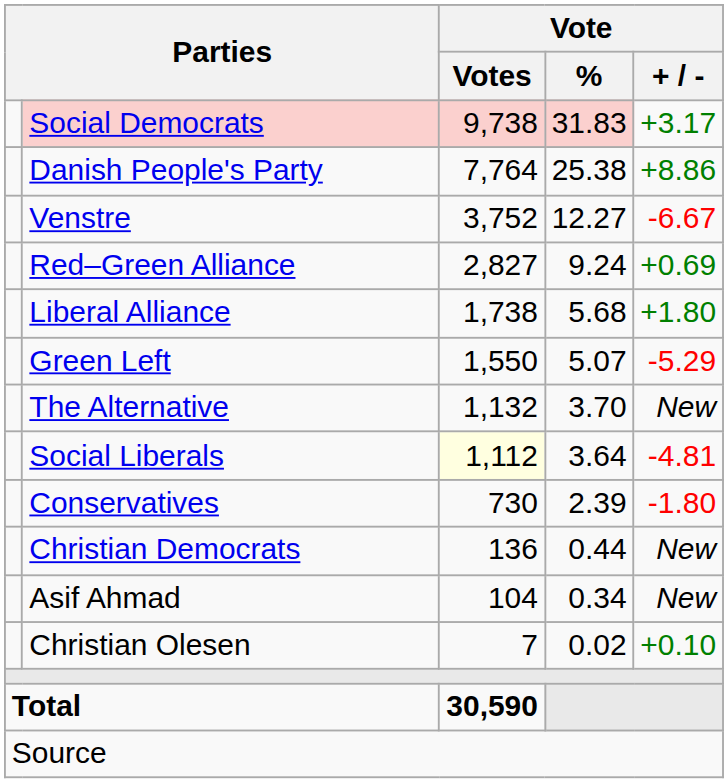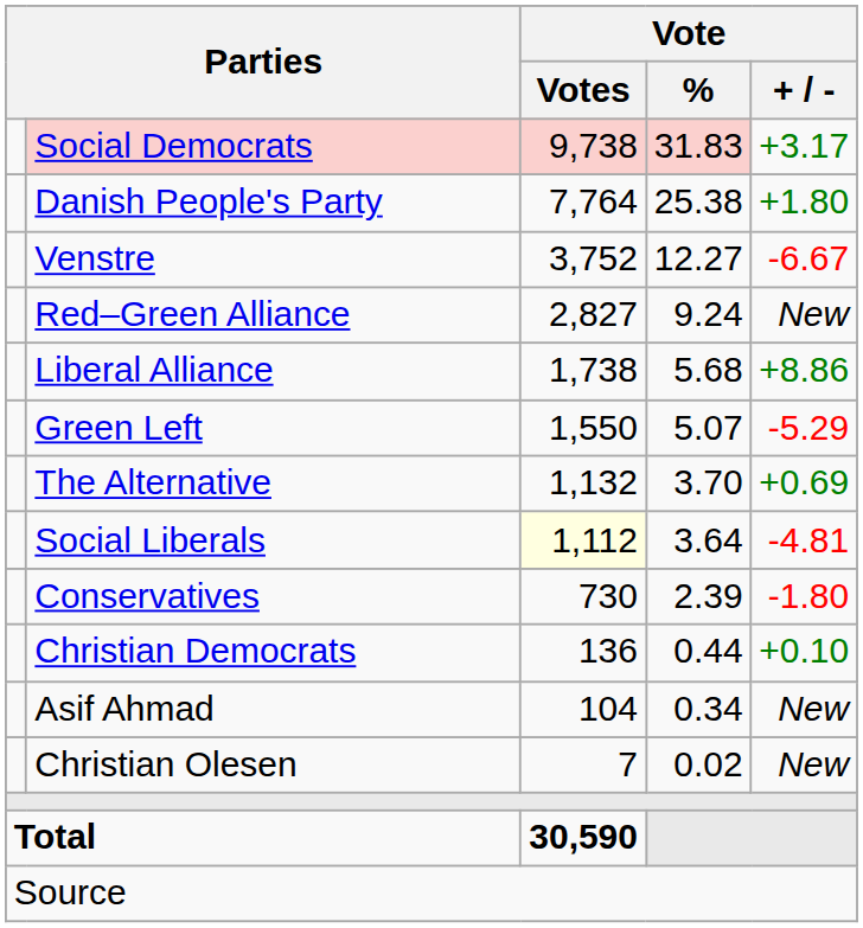 <table class="wikitable" style="text-align:right;">
 <tr>
 <th style="text-align:centre;" rowspan="2" colspan="2" width="225">Parties</th>
 <th colspan="3">Vote</th>
 </tr>
 <tr>
 <th width="15">Votes</th>
 <th width="15">%</th>
 <th width="15">+ / -</th>
 </tr>
 <tr>
 <td width="2" style="color:inherit;background:"></td>
 <td bgcolor=#fbd0ce  align="left"><a href='#'>Social Democrats</a></td>
 <td bgcolor=#fbd0ce>9,738</td>
 <td bgcolor=#fbd0ce>31.83</td>
 <td style=color:green;>+3.17</td>
 </tr>
 <tr>
 <td width="2" style="color:inherit;background:"></td>
 <td align="left"><a href='#'>Danish People's Party</a></td>
 <td>7,764</td>
 <td>25.38</td>
-<td style=color:green;>+8.86</td>
+<td style=color:green;>+1.80</td>
 </tr>
 <tr>
 <td width="2" style="color:inherit;background:"></td>
 <td align="left"><a href='#'>Venstre</a></td>
 <td>3,752</td>
 <td>12.27</td>
 <td style=color:red;>-6.67</td>
 </tr>
 <tr>
 <td width="2" style="color:inherit;background:"></td>
 <td align="left"><a href='#'>Red–Green Alliance</a></td>
 <td>2,827</td>
 <td>9.24</td>
-<td style=color:green;>+0.69</td>
+<td><em>New</em></td>
 </tr>
 <tr>
 <td width="2" style="color:inherit;background:"></td>
 <td align="left"><a href='#'>Liberal Alliance</a></td>
 <td>1,738</td>
 <td>5.68</td>
-<td style=color:green;>+1.80</td>
+<td style=color:green;>+8.86</td>
 </tr>
 <tr>
 <td width="2" style="color:inherit;background:"></td>
 <td align="left"><a href='#'>Green Left</a></td>
 <td>1,550</td>
 <td>5.07</td>
 <td style=color:red;>-5.29</td>
 </tr>
 <tr>
 <td width="2" style="color:inherit;background:"></td>
 <td align="left"><a href='#'>The Alternative</a></td>
 <td>1,132</td>
 <td>3.70</td>
-<td><em>New</em></td>
+<td style=color:green;>+0.69</td>
 </tr>
 <tr>
 <td width="2" style="color:inherit;background:"></td>
 <td align="left"><a href='#'>Social Liberals</a></td>
 <td style="background: lightyellow;">1,112</td>
 <td>3.64</td>
 <td style=color:red;>-4.81</td>
 </tr>
 <tr>
 <td width="2" style="color:inherit;background:"></td>
 <td align="left"><a href='#'>Conservatives</a></td>
 <td>730</td>
 <td>2.39</td>
 <td style=color:red;>-1.80</td>
 </tr>
 <tr>
 <td width="2" style="color:inherit;background:"></td>
 <td align="left"><a href='#'>Christian Democrats</a></td>
 <td>136</td>
 <td>0.44</td>
-<td><em>New</em></td>
+<td style=color:green;>+0.10</td>
 </tr>
 <tr>
 <td width="2" style="color:inherit;background:"></td>
 <td align="left">Asif Ahmad</td>
 <td>104</td>
 <td>0.34</td>
 <td><em>New</em></td>
 </tr>
 <tr>
 <td width="2" style="color:inherit;background:"></td>
 <td align="left">Christian Olesen</td>
 <td>7</td>
 <td>0.02</td>
-<td style=color:green;>+0.10</td>
+<td><em>New</em></td>
 </tr>
 <tr>
 <td colspan="7" bgcolor="#E9E9E9"></td>
 </tr>
 <tr>
 <td align="left" colspan="2"><strong>Total</strong></td>
 <td><strong>30,590</strong></td>
 <td bgcolor="#E9E9E9" colspan="2"></td>
 </tr>
 <tr>
 <td align="left" colspan="6">Source</td>
 </tr>
 </table>
